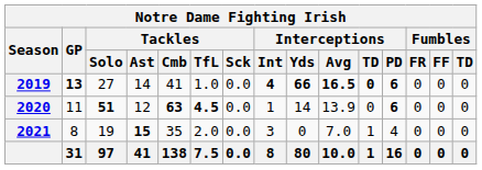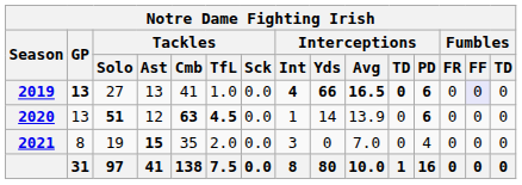 <table class="wikitable" style="text-align:center;">
 <tr>
 <th colspan="15">Notre Dame Fighting Irish</th>
 </tr>
 <tr>
 <th rowspan="2">Season</th>
 <th rowspan="2">GP</th>
 <th colspan="5">Tackles</th>
 <th colspan="5">Interceptions</th>
 <th colspan="3">Fumbles</th>
 </tr>
 <tr>
 <th>Solo</th>
 <th>Ast</th>
 <th>Cmb</th>
 <th>TfL</th>
 <th>Sck</th>
 <th>Int</th>
 <th>Yds</th>
 <th>Avg</th>
 <th>TD</th>
 <th>PD</th>
 <th>FR</th>
 <th>FF</th>
 <th>TD</th>
 </tr>
 <tr>
 <th><a href='#'>2019</a></th>
 <td><strong>13</strong></td>
 <td>27</td>
-<td>14</td>
+<td>13</td>
 <td>41</td>
 <td>1.0</td>
 <td>0.0</td>
 <td><strong>4</strong></td>
 <td><strong>66</strong></td>
 <td><strong>16.5</strong></td>
 <td><strong>0</strong></td>
 <td><strong>6</strong></td>
 <td>0</td>
-<td>0</td>
+<td style="background: lavender;">0</td>
 <td>0</td>
 </tr>
 <tr>
 <th><a href='#'>2020</a></th>
-<td>11</td>
+<td>13</td>
 <td><strong>51</strong></td>
 <td>12</td>
 <td><strong>63</strong></td>
 <td><strong>4.5</strong></td>
 <td>0.0</td>
 <td>1</td>
 <td>14</td>
 <td>13.9</td>
 <td>0</td>
 <td><strong>6</strong></td>
 <td>0</td>
 <td>0</td>
 <td>0</td>
 </tr>
 <tr>
 <th><a href='#'>2021</a></th>
 <td>8</td>
 <td>19</td>
 <td><strong>15</strong></td>
 <td>35</td>
 <td>2.0</td>
 <td>0.0</td>
 <td>3</td>
 <td>0</td>
 <td>7.0</td>
-<td>1</td>
+<td>0</td>
 <td>4</td>
 <td>0</td>
 <td>0</td>
 <td>0</td>
 </tr>
 <tr>
 <th></th>
 <th>31</th>
 <th>97</th>
 <th>41</th>
 <th>138</th>
 <th>7.5</th>
 <th>0.0</th>
 <th>8</th>
 <th>80</th>
 <th>10.0</th>
 <th>1</th>
 <th>16</th>
 <th>0</th>
 <th>0</th>
 <th>0</th>
 </tr>
 </table>
